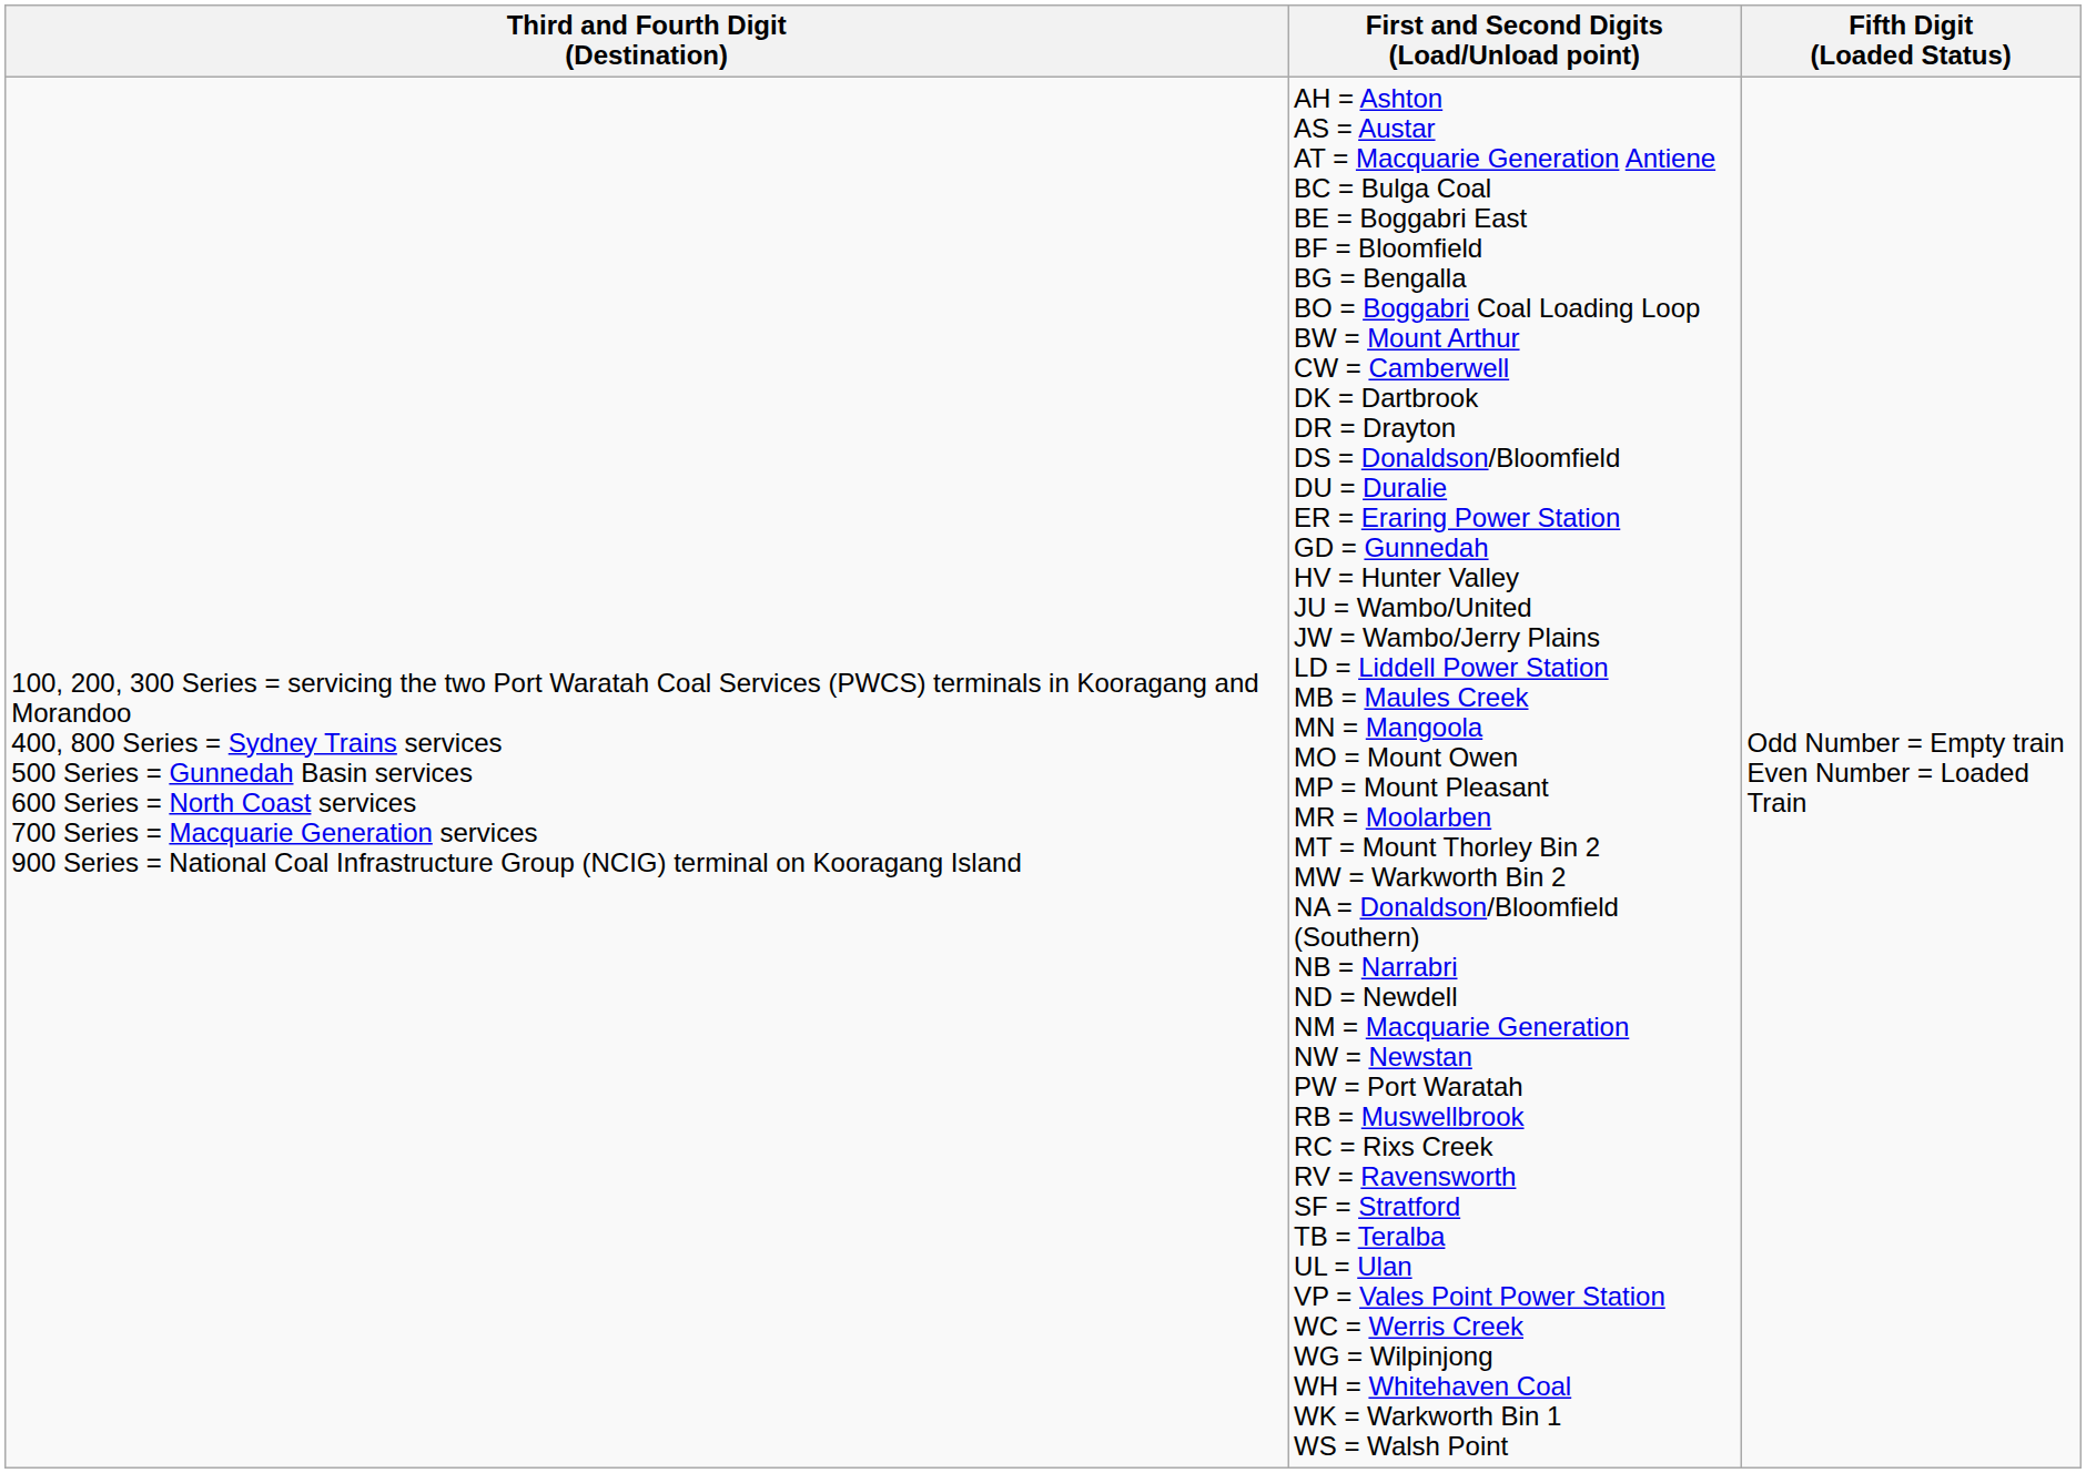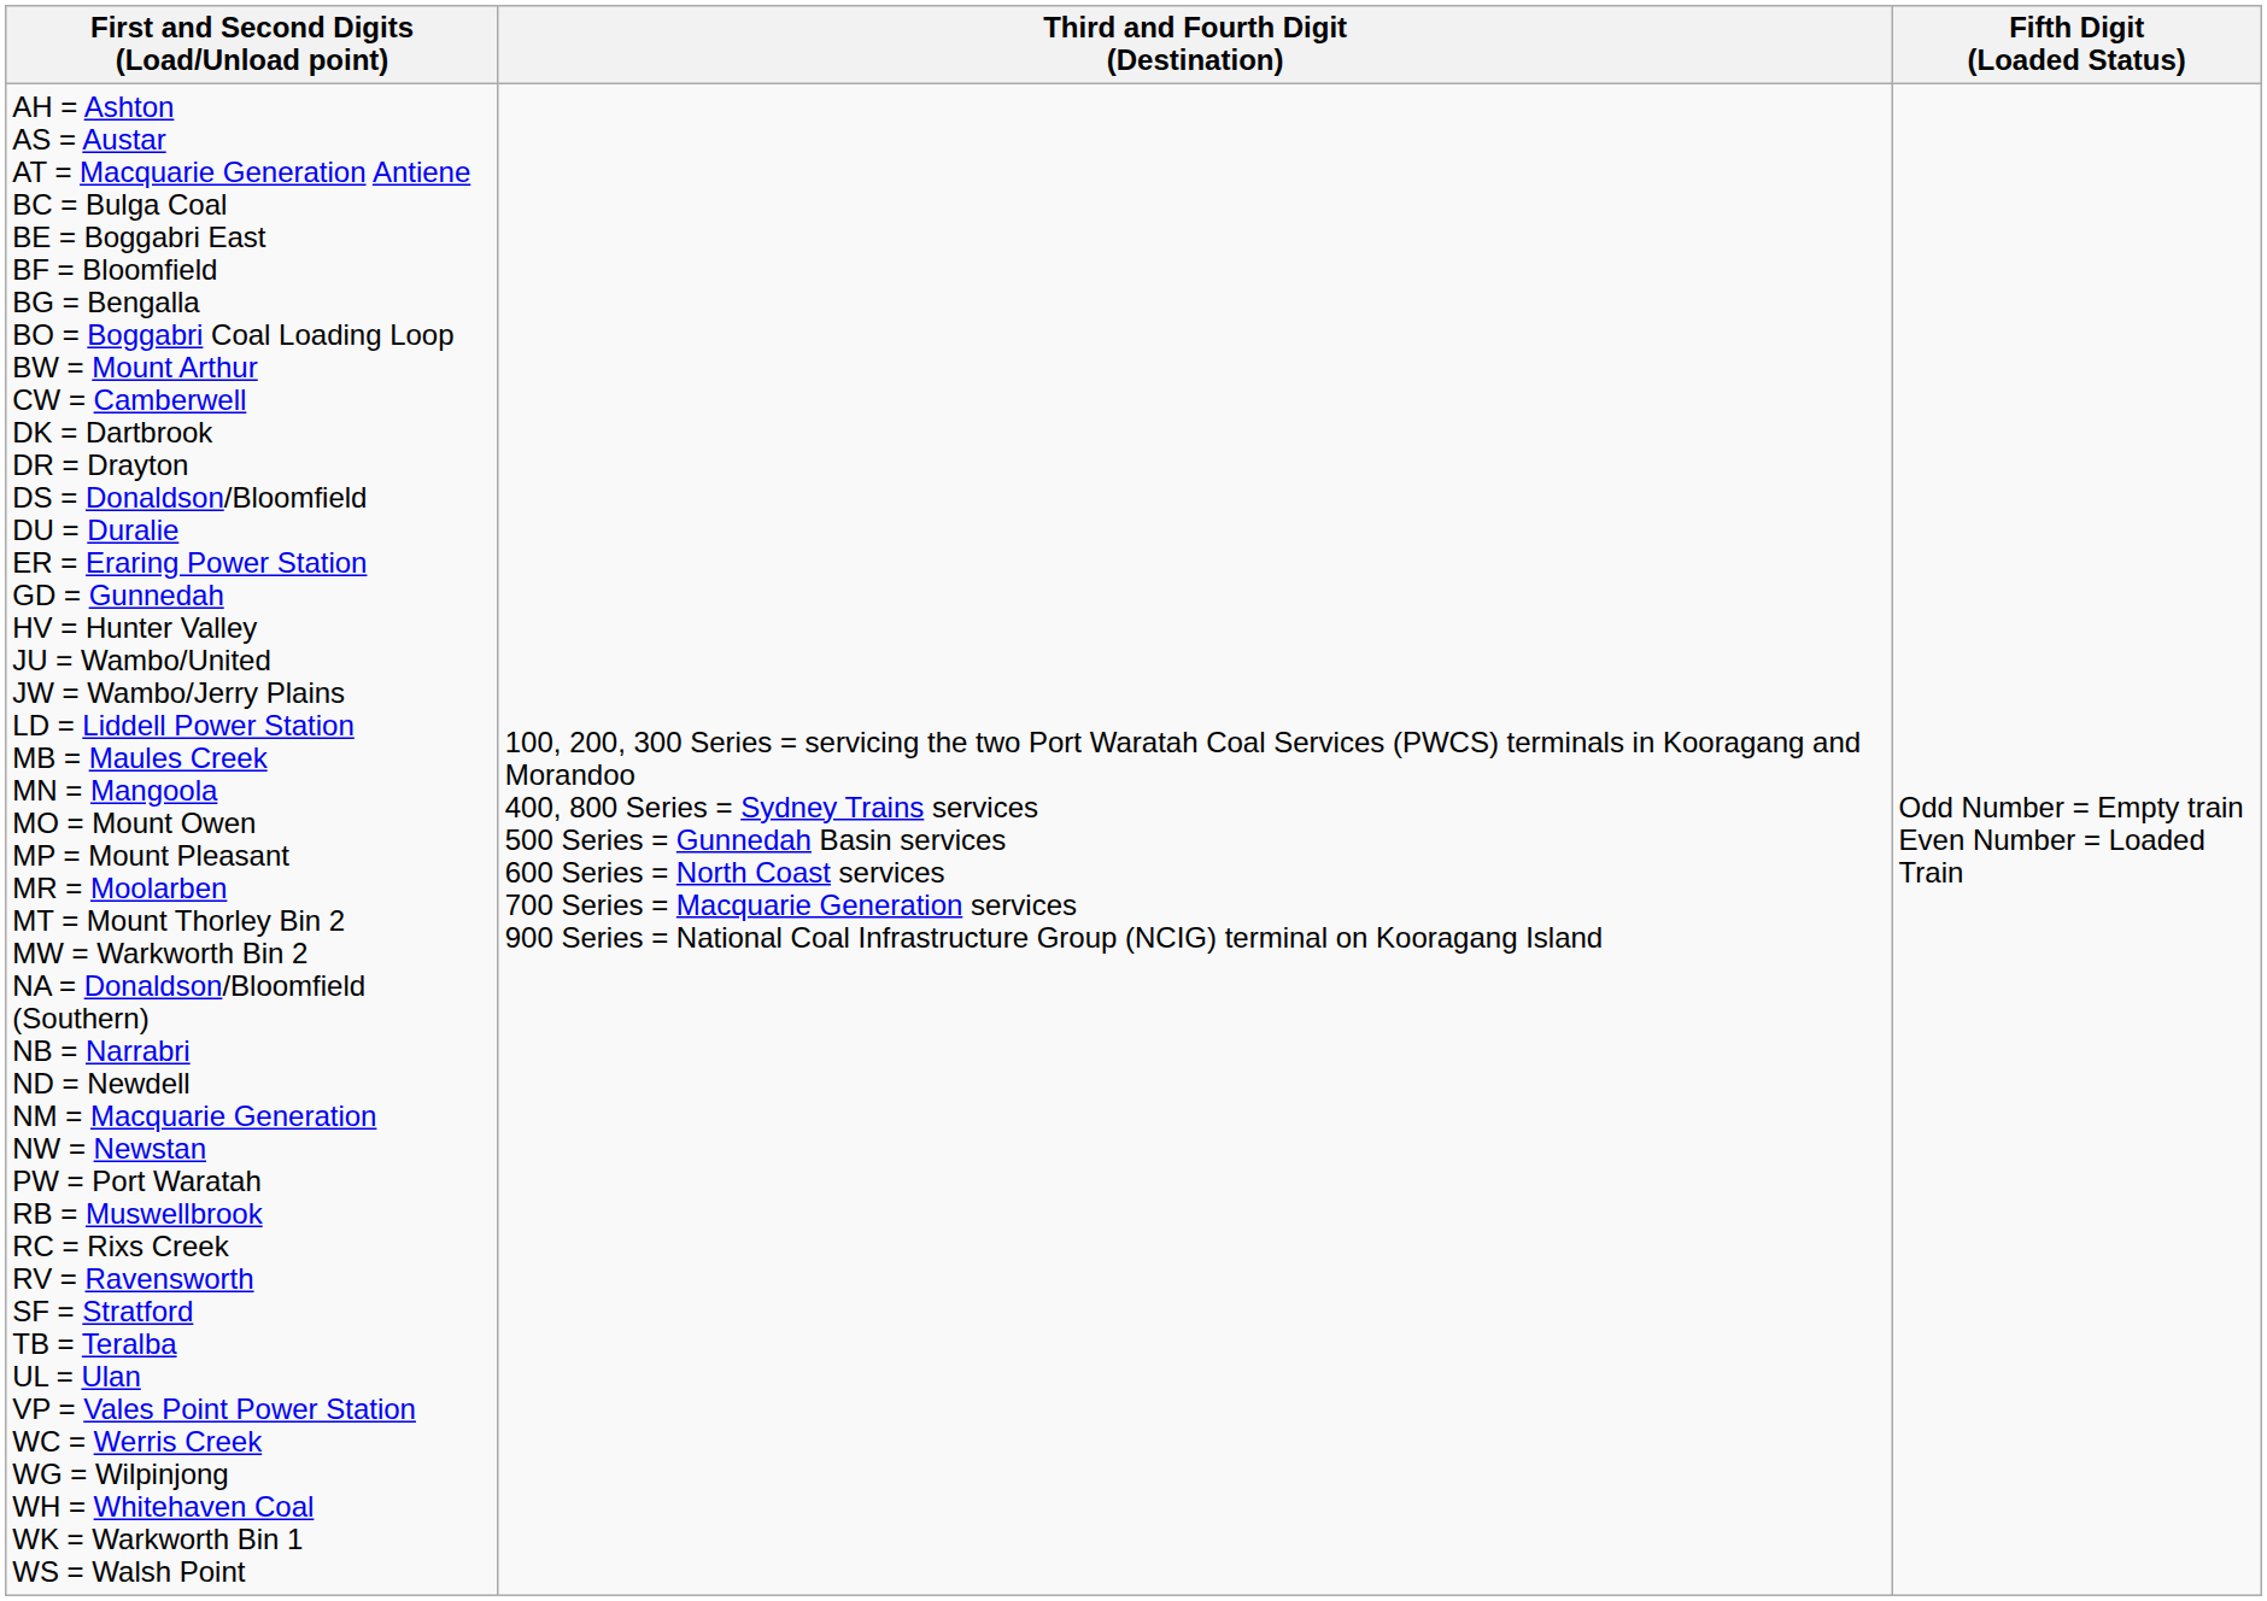 <table class="wikitable">
 <tr>
+<th>First and Second Digits<br>(Load/Unload point)</th>
 <th>Third and Fourth Digit<br>(Destination)</th>
-<th>First and Second Digits<br>(Load/Unload point)</th>
 <th>Fifth Digit<br>(Loaded Status)</th>
 </tr>
 <tr>
+<td>AH = <a href='#'>Ashton</a><br>AS = <a href='#'>Austar</a><br>AT = <a href='#'>Macquarie Generation</a> <a href='#'>Antiene</a><br>BC = Bulga Coal<br>BE = Boggabri East<br>BF = Bloomfield<br>BG = Bengalla<br>BO = <a href='#'>Boggabri</a> Coal Loading Loop<br>BW = <a href='#'>Mount Arthur</a><br>CW = <a href='#'>Camberwell</a><br>DK = Dartbrook<br>DR = Drayton<br>DS = <a href='#'>Donaldson</a>/Bloomfield<br>DU = <a href='#'>Duralie</a><br>ER = <a href='#'>Eraring Power Station</a><br>GD = <a href='#'>Gunnedah</a><br>HV = Hunter Valley<br>JU = Wambo/United<br>JW = Wambo/Jerry Plains<br>LD = <a href='#'>Liddell Power Station</a><br>MB = <a href='#'>Maules Creek</a><br>MN = <a href='#'>Mangoola</a><br>MO = Mount Owen<br>MP = Mount Pleasant<br>MR = <a href='#'>Moolarben</a><br>MT = Mount Thorley Bin 2<br>MW = Warkworth Bin 2<br>NA = <a href='#'>Donaldson</a>/Bloomfield (Southern)<br>NB = <a href='#'>Narrabri</a><br>ND = Newdell<br>NM = <a href='#'>Macquarie Generation</a><br>NW = <a href='#'>Newstan</a><br>PW = Port Waratah<br>RB = <a href='#'>Muswellbrook</a><br>RC = Rixs Creek<br>RV = <a href='#'>Ravensworth</a><br>SF = <a href='#'>Stratford</a><br>TB = <a href='#'>Teralba</a><br>UL = <a href='#'>Ulan</a><br>VP = <a href='#'>Vales Point Power Station</a><br>WC = <a href='#'>Werris Creek</a><br>WG = Wilpinjong<br>WH = <a href='#'>Whitehaven Coal</a><br>WK = Warkworth Bin 1<br>WS = Walsh Point<br></td>
 <td>100, 200, 300 Series = servicing the two Port Waratah Coal Services (PWCS) terminals in Kooragang and Morandoo<br>400, 800 Series = <a href='#'>Sydney Trains</a> services<br>500 Series = <a href='#'>Gunnedah</a> Basin services<br>600 Series = <a href='#'>North Coast</a> services<br>700 Series = <a href='#'>Macquarie Generation</a> services<br>900 Series = National Coal Infrastructure Group (NCIG) terminal on Kooragang Island</td>
-<td>AH = <a href='#'>Ashton</a><br>AS = <a href='#'>Austar</a><br>AT = <a href='#'>Macquarie Generation</a> <a href='#'>Antiene</a><br>BC = Bulga Coal<br>BE = Boggabri East<br>BF = Bloomfield<br>BG = Bengalla<br>BO = <a href='#'>Boggabri</a> Coal Loading Loop<br>BW = <a href='#'>Mount Arthur</a><br>CW = <a href='#'>Camberwell</a><br>DK = Dartbrook<br>DR = Drayton<br>DS = <a href='#'>Donaldson</a>/Bloomfield<br>DU = <a href='#'>Duralie</a><br>ER = <a href='#'>Eraring Power Station</a><br>GD = <a href='#'>Gunnedah</a><br>HV = Hunter Valley<br>JU = Wambo/United<br>JW = Wambo/Jerry Plains<br>LD = <a href='#'>Liddell Power Station</a><br>MB = <a href='#'>Maules Creek</a><br>MN = <a href='#'>Mangoola</a><br>MO = Mount Owen<br>MP = Mount Pleasant<br>MR = <a href='#'>Moolarben</a><br>MT = Mount Thorley Bin 2<br>MW = Warkworth Bin 2<br>NA = <a href='#'>Donaldson</a>/Bloomfield (Southern)<br>NB = <a href='#'>Narrabri</a><br>ND = Newdell<br>NM = <a href='#'>Macquarie Generation</a><br>NW = <a href='#'>Newstan</a><br>PW = Port Waratah<br>RB = <a href='#'>Muswellbrook</a><br>RC = Rixs Creek<br>RV = <a href='#'>Ravensworth</a><br>SF = <a href='#'>Stratford</a><br>TB = <a href='#'>Teralba</a><br>UL = <a href='#'>Ulan</a><br>VP = <a href='#'>Vales Point Power Station</a><br>WC = <a href='#'>Werris Creek</a><br>WG = Wilpinjong<br>WH = <a href='#'>Whitehaven Coal</a><br>WK = Warkworth Bin 1<br>WS = Walsh Point<br></td>
 <td>Odd Number = Empty train<br>Even Number = Loaded Train</td>
 </tr>
 </table>
